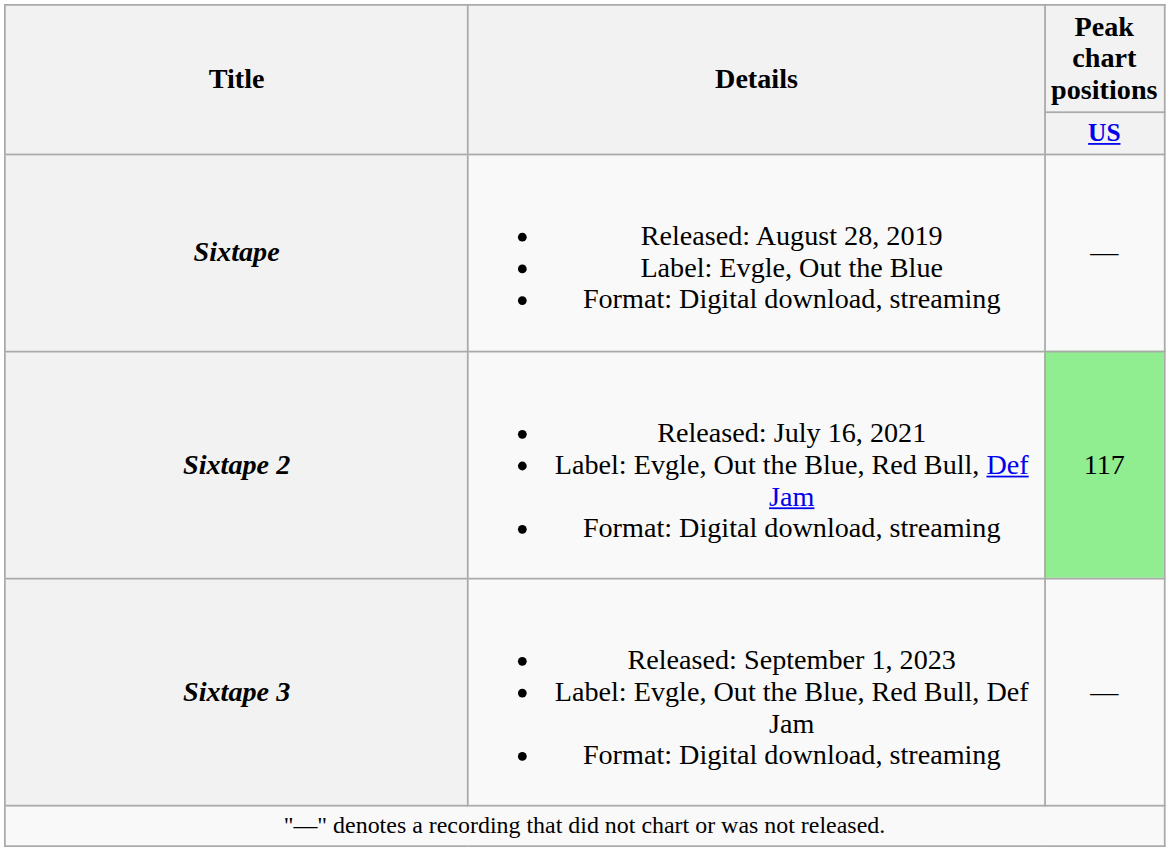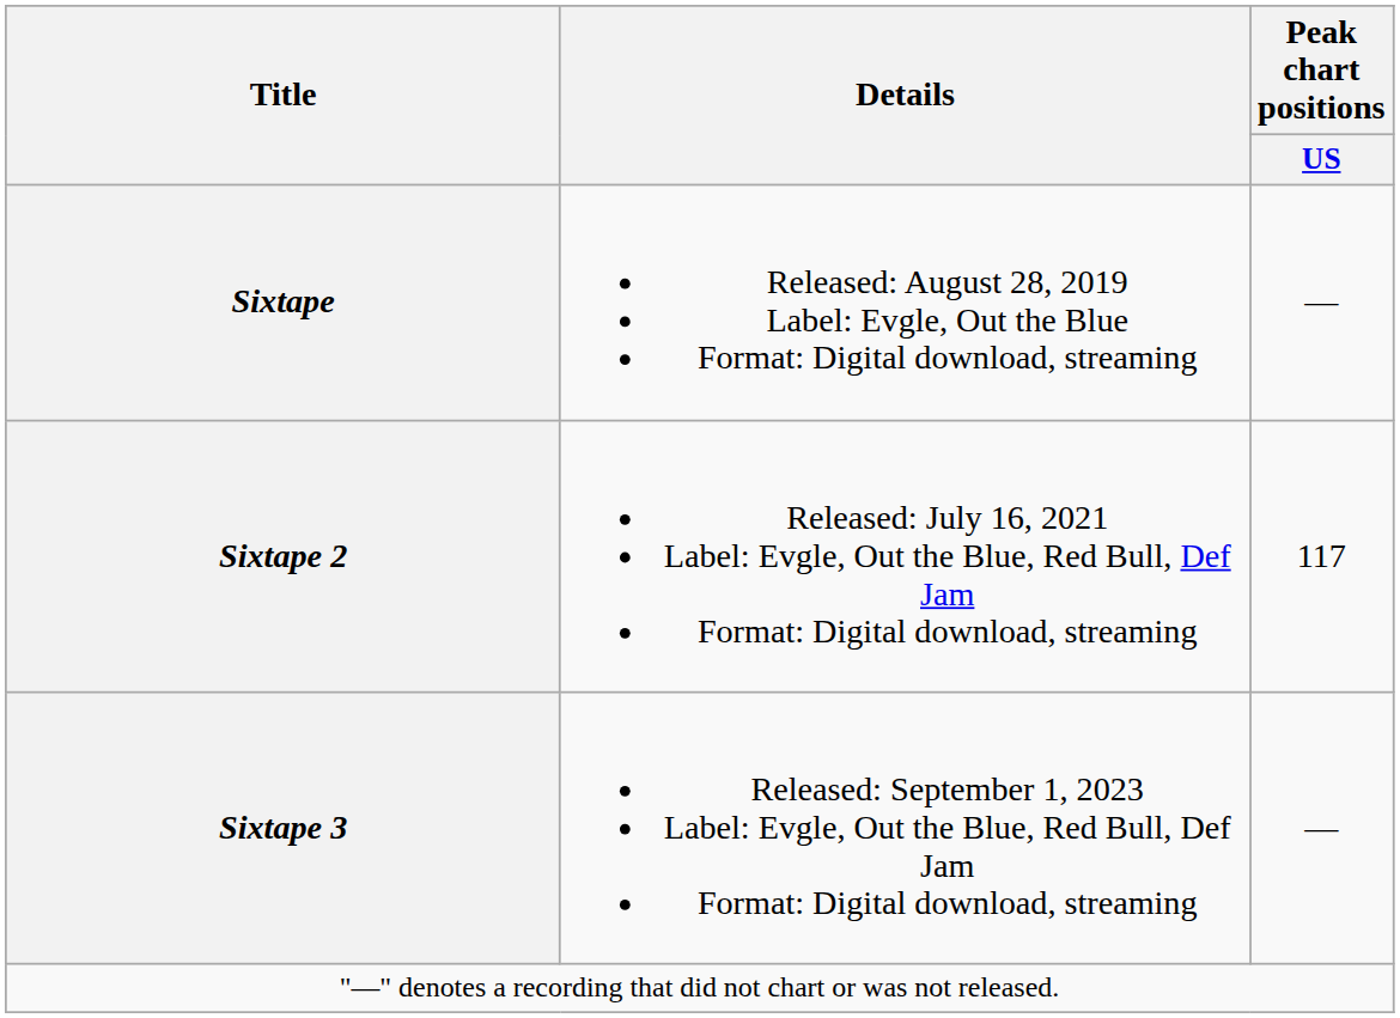 <table class="wikitable plainrowheaders" style="text-align:center;">
 <tr>
 <th scope="col" rowspan="2" style="width:16em;">Title</th>
 <th scope="col" rowspan="2" style="width:20em;">Details</th>
 <th scope="col" colspan="1">Peak chart positions</th>
 </tr>
 <tr>
 <th scope="col" style="width:3em;font-size:90%;"><a href='#'>US</a><br></th>
 </tr>
 <tr>
 <th scope="row"><em>Sixtape</em><br></th>
 <td><br><ul><li>Released: August 28, 2019</li><li>Label: Evgle, Out the Blue</li><li>Format: Digital download, streaming</li></ul></td>
 <td>—</td>
 </tr>
 <tr>
 <th scope="row"><em>Sixtape 2</em><br></th>
 <td><br><ul><li>Released: July 16, 2021</li><li>Label: Evgle, Out the Blue, Red Bull, <a href='#'>Def Jam</a></li><li>Format: Digital download, streaming</li></ul></td>
-<td style="background: lightgreen;">117</td>
+<td>117</td>
 </tr>
 <tr>
 <th scope="row"><em>Sixtape 3</em><br></th>
 <td><br><ul><li>Released: September 1, 2023</li><li>Label: Evgle, Out the Blue, Red Bull, Def Jam</li><li>Format: Digital download, streaming</li></ul></td>
 <td>—</td>
 </tr>
 <tr>
 <td colspan="9" style="font-size:85%">"—" denotes a recording that did not chart or was not released.</td>
 </tr>
 </table>
